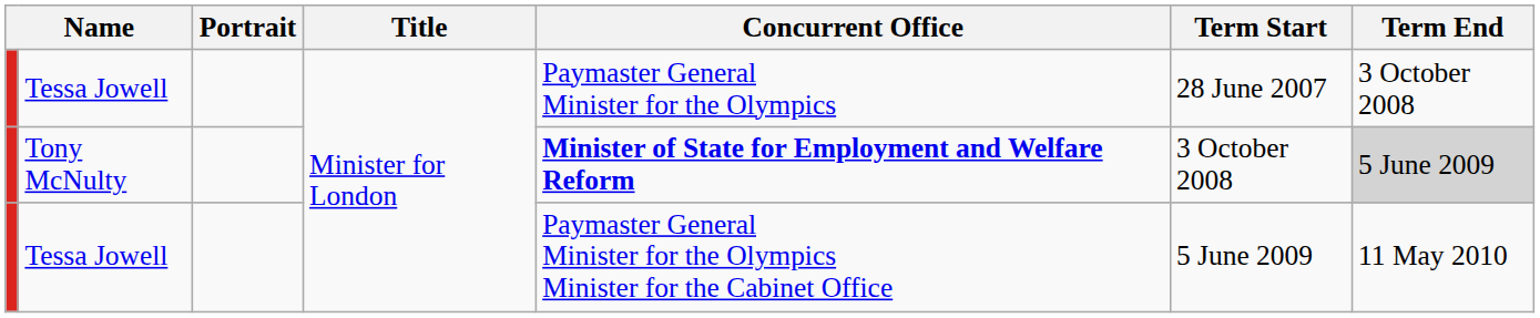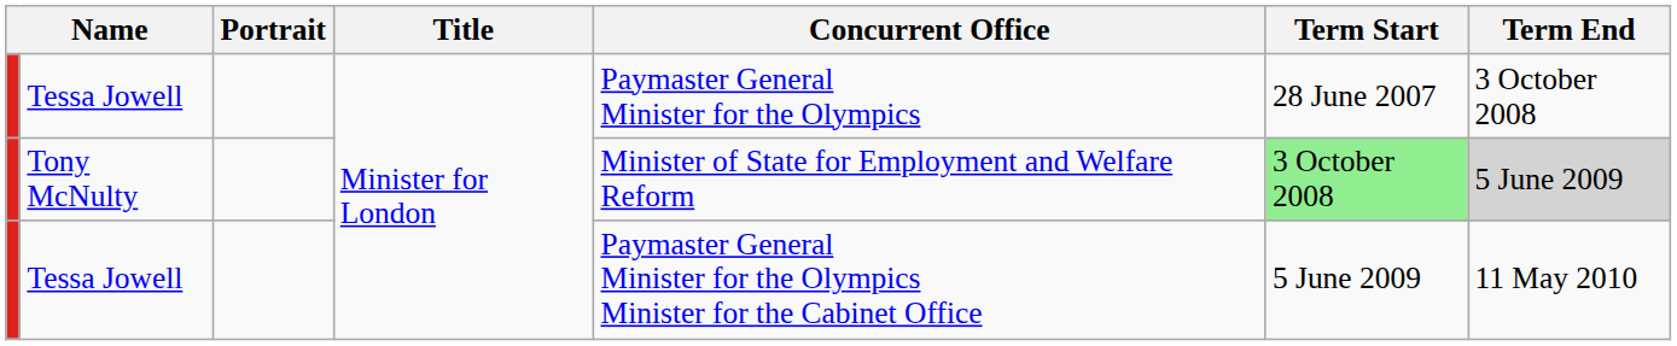 <table class="wikitable">
 <tr>
 <th colspan="2">Name</th>
 <th>Portrait</th>
 <th>Title</th>
 <th>Concurrent Office</th>
 <th>Term Start</th>
 <th>Term End</th>
 </tr>
 <tr>
 <th style="background-color: #DC241f"></th>
 <td><a href='#'>Tessa Jowell</a></td>
 <td></td>
 <td rowspan="3"><a href='#'>Minister for London</a></td>
 <td><a href='#'>Paymaster General</a><br><a href='#'>Minister for the Olympics</a></td>
 <td>28 June 2007</td>
 <td>3 October 2008</td>
 </tr>
 <tr>
 <th style="background-color: #DC241f"></th>
 <td><a href='#'>Tony McNulty</a></td>
 <td></td>
-<td><strong><a href='#'>Minister of State for Employment and Welfare Reform</a></strong></td>
-<td>3 October 2008</td>
+<td><a href='#'>Minister of State for Employment and Welfare Reform</a></td>
+<td style="background: lightgreen;">3 October 2008</td>
 <td style="background: lightgrey;">5 June 2009</td>
 </tr>
 <tr>
 <th style="background-color: #DC241f"></th>
 <td><a href='#'>Tessa Jowell</a></td>
 <td></td>
 <td><a href='#'>Paymaster General</a><br><a href='#'>Minister for the Olympics</a><br><a href='#'>Minister for the Cabinet Office</a></td>
 <td>5 June 2009</td>
 <td>11 May 2010</td>
 </tr>
 </table>
